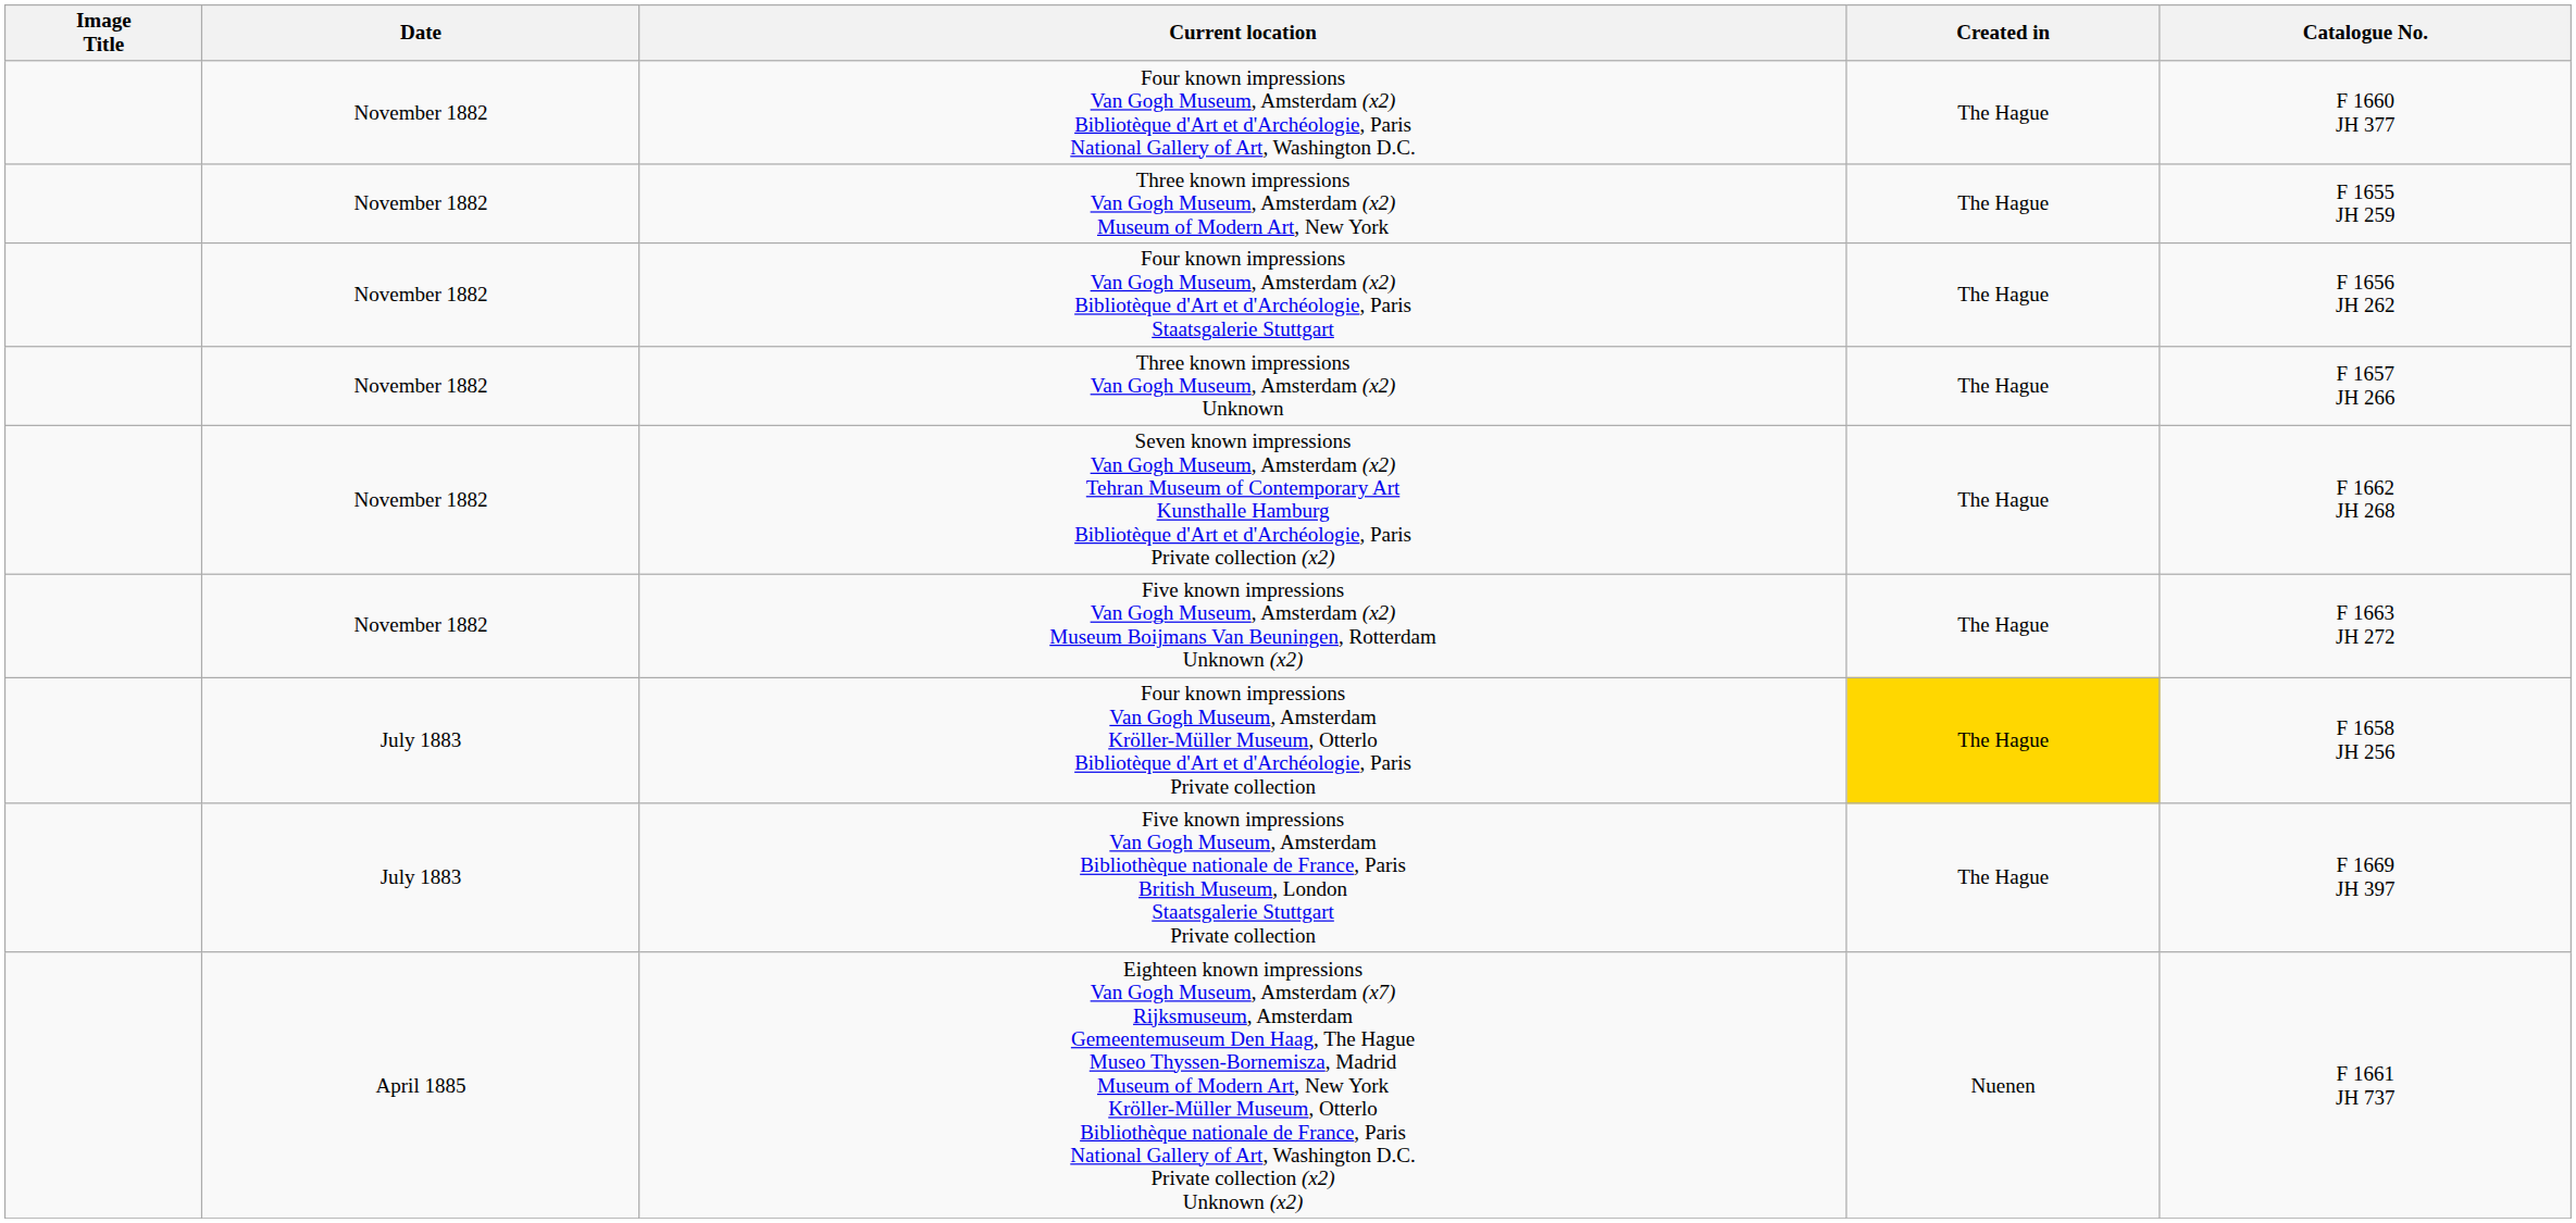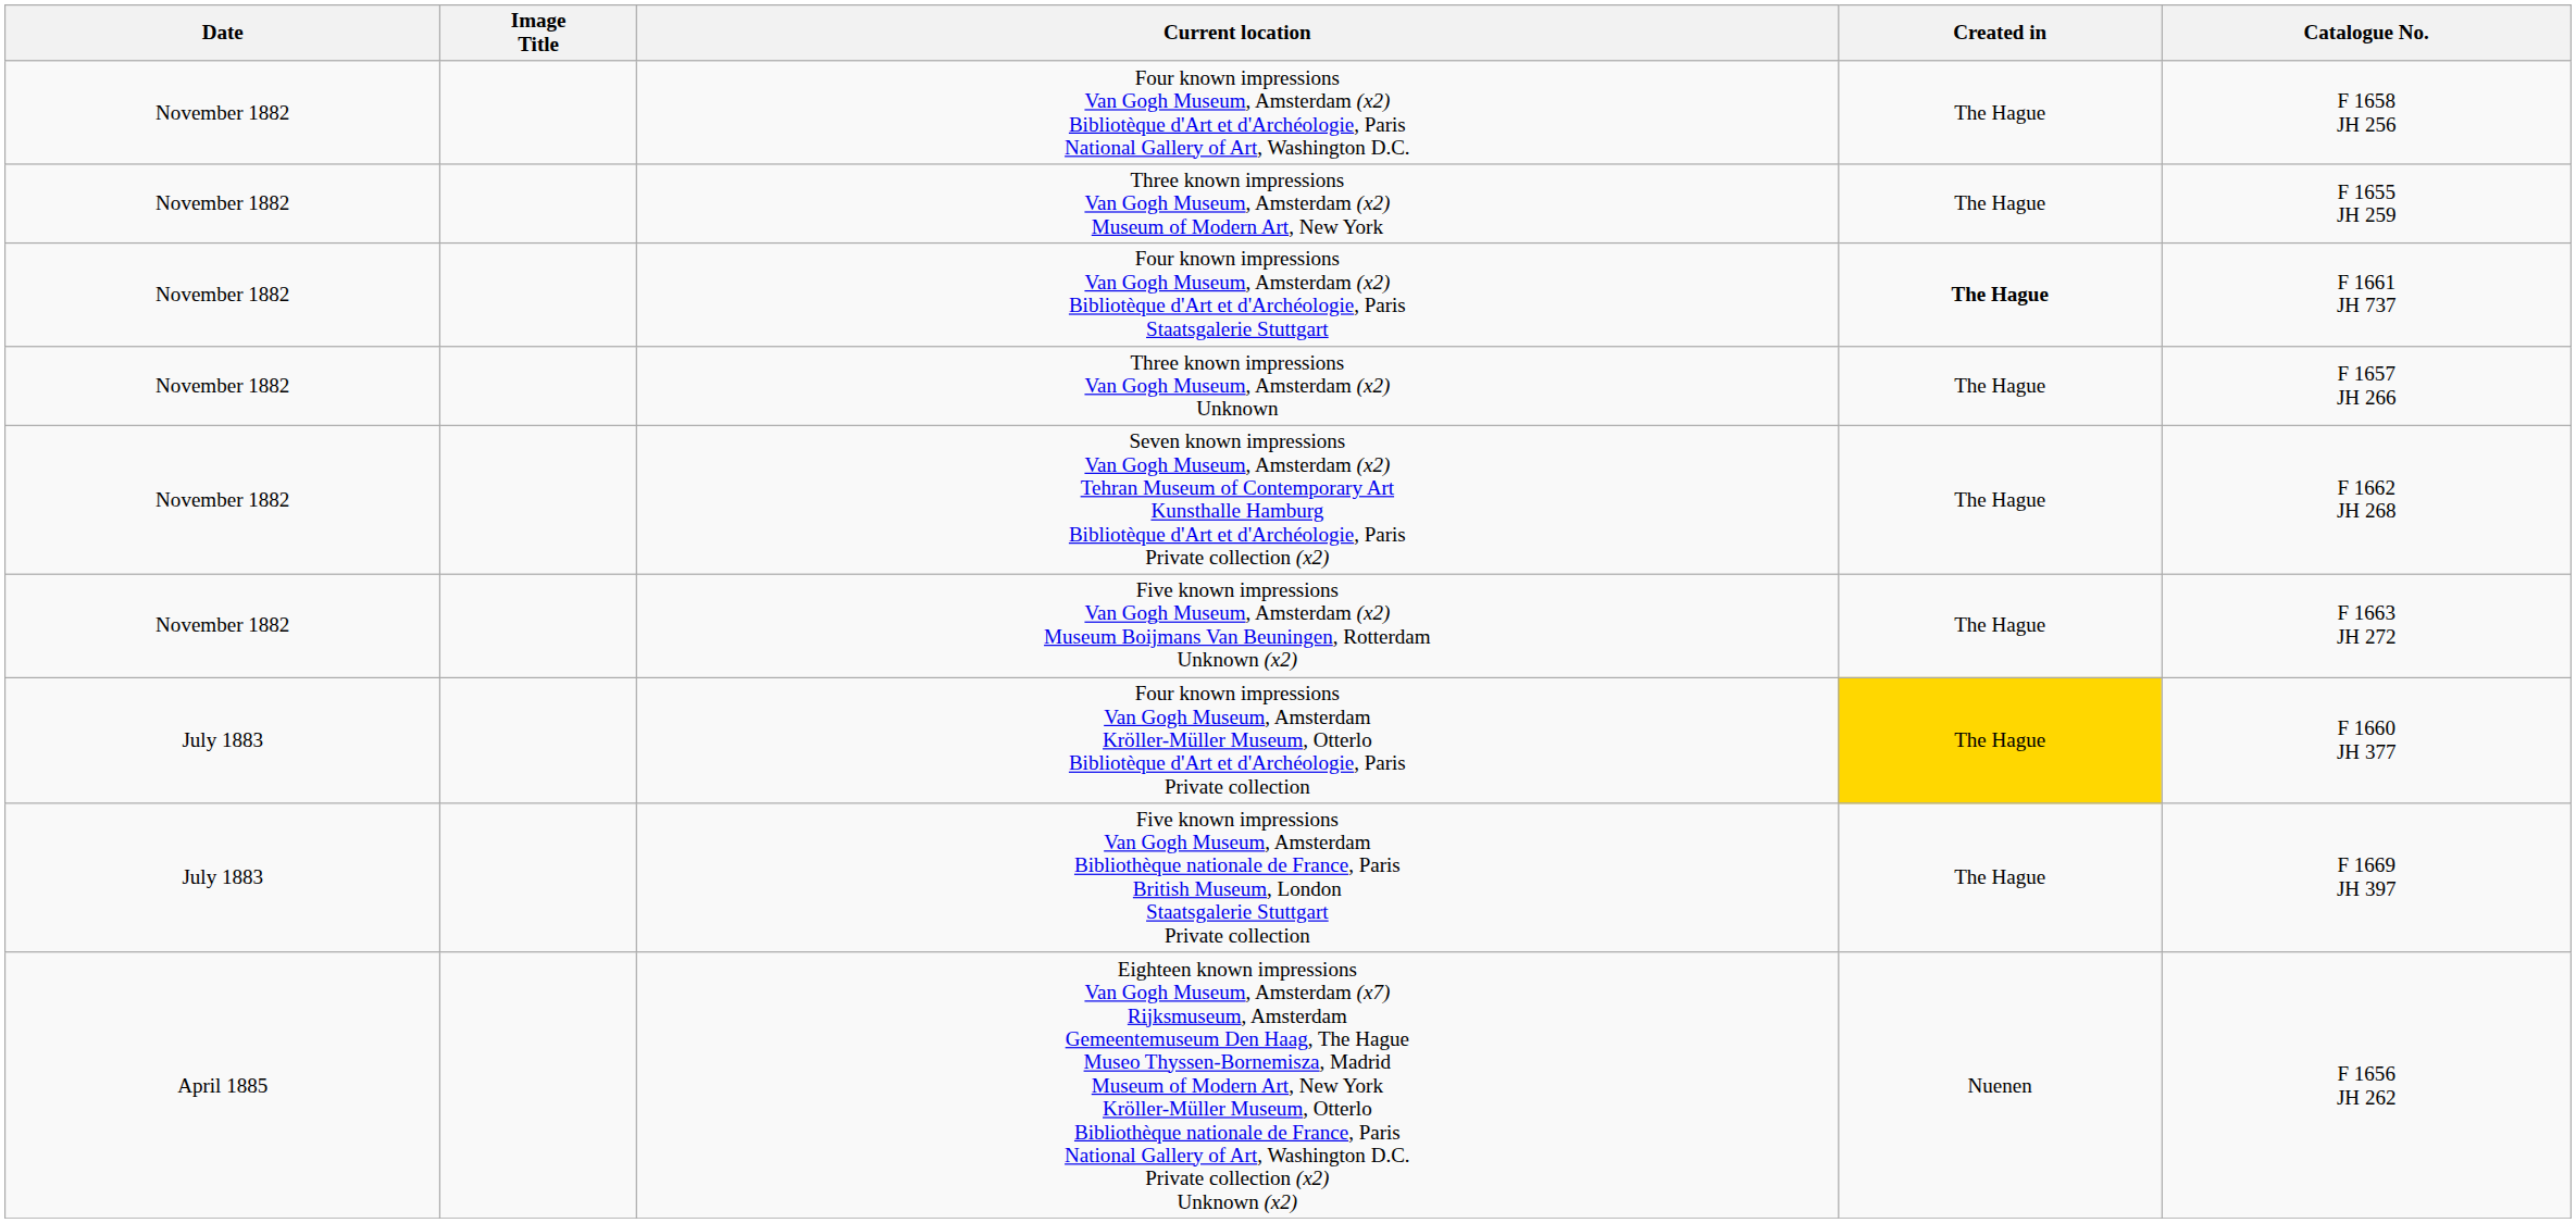 <table class="wikitable sortable" style="font-size:100%; text-align: center; width:100%">
 <tr>
+<th>Date</th>
 <th>Image<br>Title</th>
-<th>Date</th>
 <th>Current location</th>
 <th>Created in</th>
 <th>Catalogue No.</th>
 </tr>
 <tr>
+<td>November 1882</td>
 <td></td>
-<td>November 1882</td>
 <td>Four known impressions<br><a href='#'>Van Gogh Museum</a>, Amsterdam <em>(x2)</em><br><a href='#'>Bibliotèque d'Art et d'Archéologie</a>, Paris<br><a href='#'>National Gallery of Art</a>, Washington D.C.</td>
 <td>The Hague</td>
-<td>F 1660<br>JH 377</td>
+<td>F 1658<br>JH 256</td>
 </tr>
 <tr>
+<td>November 1882</td>
 <td></td>
-<td>November 1882</td>
 <td>Three known impressions<br><a href='#'>Van Gogh Museum</a>, Amsterdam <em>(x2)</em><br><a href='#'>Museum of Modern Art</a>, New York</td>
 <td>The Hague</td>
 <td>F 1655<br>JH 259</td>
 </tr>
 <tr>
+<td>November 1882</td>
 <td></td>
-<td>November 1882</td>
 <td>Four known impressions<br><a href='#'>Van Gogh Museum</a>, Amsterdam <em>(x2)</em><br><a href='#'>Bibliotèque d'Art et d'Archéologie</a>, Paris<br><a href='#'>Staatsgalerie Stuttgart</a></td>
-<td>The Hague</td>
-<td>F 1656<br>JH 262</td>
+<td><strong>The Hague</strong></td>
+<td>F 1661<br>JH 737</td>
 </tr>
 <tr>
+<td>November 1882</td>
 <td></td>
-<td>November 1882</td>
 <td>Three known impressions<br><a href='#'>Van Gogh Museum</a>, Amsterdam <em>(x2)</em><br>Unknown</td>
 <td>The Hague</td>
 <td>F 1657<br>JH 266</td>
 </tr>
 <tr>
+<td>November 1882</td>
 <td></td>
-<td>November 1882</td>
 <td>Seven known impressions<br><a href='#'>Van Gogh Museum</a>, Amsterdam <em>(x2)</em><br><a href='#'>Tehran Museum of Contemporary Art</a><br><a href='#'>Kunsthalle Hamburg</a><br><a href='#'>Bibliotèque d'Art et d'Archéologie</a>, Paris<br>Private collection <em>(x2)</em></td>
 <td>The Hague</td>
 <td>F 1662<br>JH 268</td>
 </tr>
 <tr>
+<td>November 1882</td>
 <td></td>
-<td>November 1882</td>
 <td>Five known impressions<br><a href='#'>Van Gogh Museum</a>, Amsterdam <em>(x2)</em><br><a href='#'>Museum Boijmans Van Beuningen</a>, Rotterdam<br>Unknown <em>(x2)</em></td>
 <td>The Hague</td>
 <td>F 1663<br>JH 272</td>
 </tr>
 <tr>
+<td>July 1883</td>
 <td></td>
-<td>July 1883</td>
 <td>Four known impressions<br><a href='#'>Van Gogh Museum</a>, Amsterdam<br><a href='#'>Kröller-Müller Museum</a>, Otterlo<br><a href='#'>Bibliotèque d'Art et d'Archéologie</a>, Paris<br>Private collection</td>
 <td style="background: gold;">The Hague</td>
-<td>F 1658<br>JH 256</td>
+<td>F 1660<br>JH 377</td>
 </tr>
 <tr>
+<td>July 1883</td>
 <td></td>
-<td>July 1883</td>
 <td>Five known impressions<br><a href='#'>Van Gogh Museum</a>, Amsterdam<br><a href='#'>Bibliothèque nationale de France</a>, Paris<br><a href='#'>British Museum</a>, London<br><a href='#'>Staatsgalerie Stuttgart</a><br>Private collection</td>
 <td>The Hague</td>
 <td>F 1669<br>JH 397</td>
 </tr>
 <tr>
+<td>April 1885</td>
 <td></td>
-<td>April 1885</td>
 <td>Eighteen known impressions<br><a href='#'>Van Gogh Museum</a>, Amsterdam <em>(x7)</em><br><a href='#'>Rijksmuseum</a>, Amsterdam<br><a href='#'>Gemeentemuseum Den Haag</a>, The Hague<br><a href='#'>Museo Thyssen-Bornemisza</a>, Madrid<br><a href='#'>Museum of Modern Art</a>, New York<br><a href='#'>Kröller-Müller Museum</a>, Otterlo<br><a href='#'>Bibliothèque nationale de France</a>, Paris<br><a href='#'>National Gallery of Art</a>, Washington D.C.<br>Private collection <em>(x2)</em><br>Unknown <em>(x2)</em></td>
 <td>Nuenen</td>
-<td>F 1661<br>JH 737</td>
+<td>F 1656<br>JH 262</td>
 </tr>
 </table>
